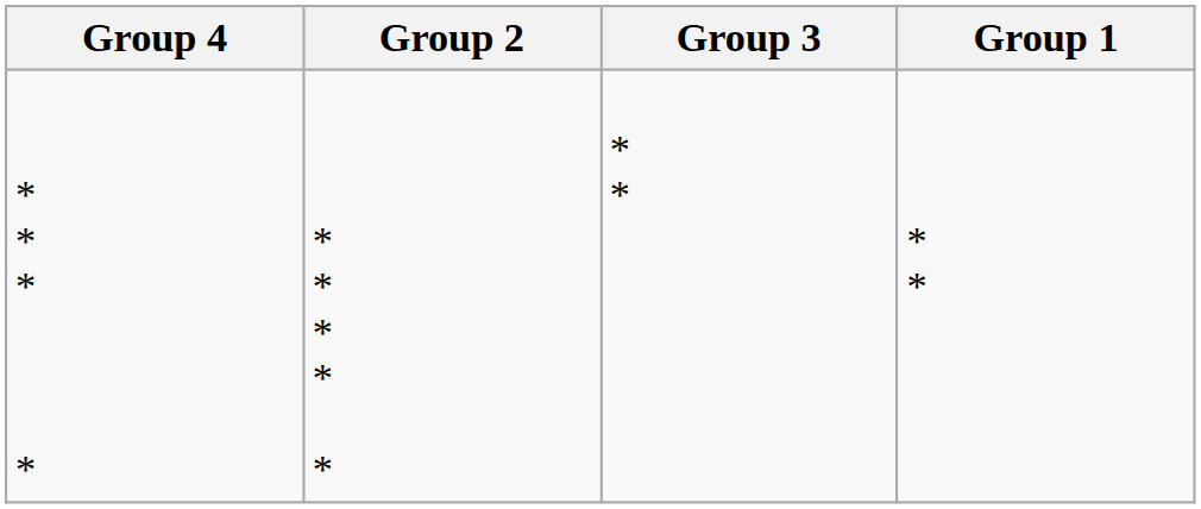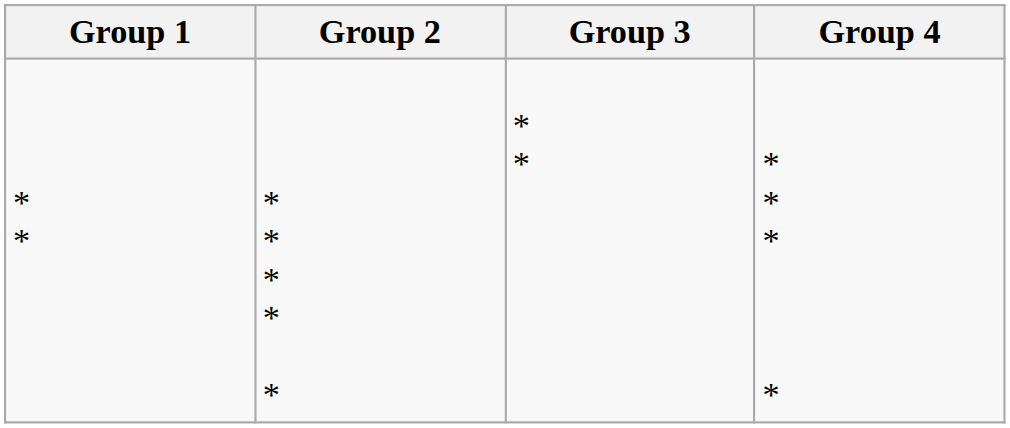 <table class="wikitable" width=75%>
 <tr>
-<th width=25%>Group 4</th>
+<th width=25%>Group 1</th>
 <th width=25%>Group 2</th>
 <th width=25%>Group 3</th>
-<th width=25%>Group 1</th>
+<th width=25%>Group 4</th>
 </tr>
 <tr>
-<td valign=top><br><br> <s></s>*<br> <s></s>*<br> <s></s>*<br> <br> <br> <br> <s></s>*</td>
+<td valign=top><br><br> <br> <s></s>*<br> <s></s>*<br> <br> </td>
 <td valign=top><br><br> <br> <s></s>*<br> <s></s>*<br> <s></s>*<br> <s></s>*<br> <br> <s></s>*</td>
 <td valign=top><br><s></s>*<br> <s></s>*<br> <br> <br> <br> <br> <br> <br> </td>
-<td valign=top><br><br> <br> <s></s>*<br> <s></s>*<br> <br> </td>
+<td valign=top><br><br> <s></s>*<br> <s></s>*<br> <s></s>*<br> <br> <br> <br> <s></s>*</td>
 </tr>
 </table>
